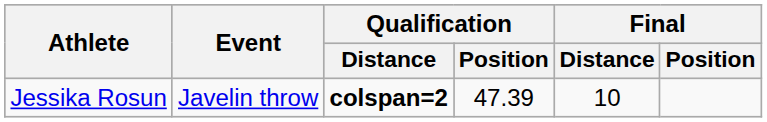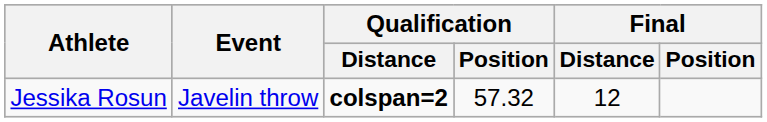 <table class=wikitable style="font-size:90%">
 <tr>
 <th rowspan="2">Athlete</th>
 <th rowspan="2">Event</th>
 <th colspan="2">Qualification</th>
 <th colspan="2">Final</th>
 </tr>
 <tr style="font-size:95%">
 <th>Distance</th>
 <th>Position</th>
 <th>Distance</th>
 <th>Position</th>
 </tr>
 <tr align=center>
 <td align=left><a href='#'>Jessika Rosun</a></td>
 <td style="text-align:left;"><a href='#'>Javelin throw</a></td>
 <td><strong>colspan=2 </strong></td>
-<td>47.39</td>
-<td>10</td>
+<td>57.32</td>
+<td>12</td>
 </tr>
 </table>
